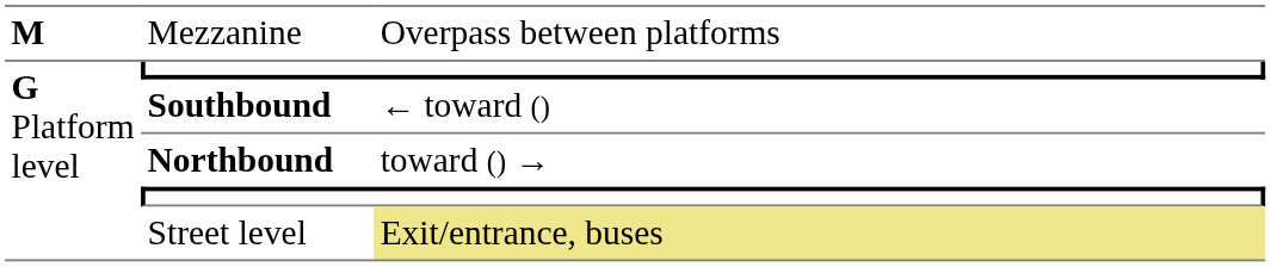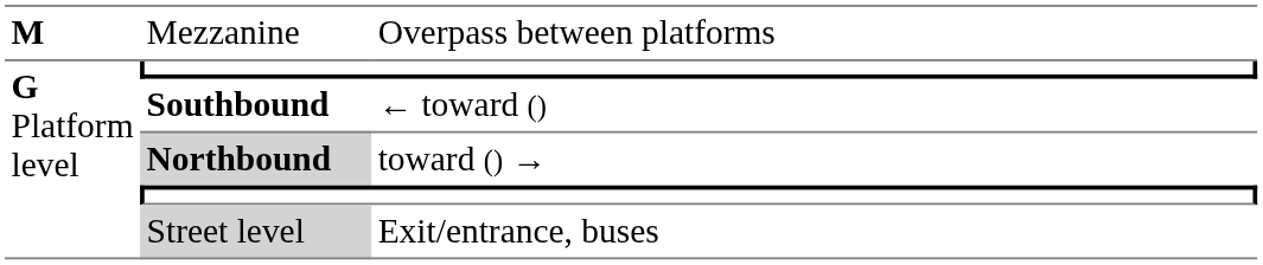 <table border=0 cellspacing=0 cellpadding=3>
 <tr>
 <td style="border-top:solid 1px gray;border-bottom:solid 1px gray;" width=50><strong>M</strong></td>
 <td style="border-top:solid 1px gray;border-bottom:solid 1px gray;" width=100>Mezzanine</td>
 <td style="border-top:solid 1px gray;border-bottom:solid 1px gray;" width=400>Overpass between platforms</td>
 </tr>
 <tr>
 <td style="border-bottom:solid 1px gray;" rowspan=5 valign=top><strong>G</strong><br>Platform level</td>
 <td style="border-right:solid 2px black;border-left:solid 2px black;border-bottom:solid 2px black;text-align:center;" colspan=2></td>
 </tr>
 <tr>
 <td><span><strong>Southbound</strong></span></td>
 <td>←  toward  <small>()</small><br></td>
 </tr>
 <tr>
-<td style="border-top:solid 1px gray;"><span><strong>Northbound</strong></span></td>
+<td style="background: lightgrey; border-top:solid 1px gray;"><span><strong>Northbound</strong></span></td>
 <td style="border-top:solid 1px gray;">  toward  <small>()</small> →</td>
 </tr>
 <tr>
 <td style="border-bottom:solid 1px gray;border-right:solid 2px black;border-left:solid 2px black;border-top:solid 2px black;text-align:center;" colspan=2></td>
 </tr>
 <tr>
-<td style="border-bottom:solid 1px gray;" width=100>Street level</td>
-<td style="background: khaki; border-bottom:solid 1px gray;" width=400>Exit/entrance, buses<br></td>
+<td style="background: lightgrey; border-bottom:solid 1px gray;" width=100>Street level</td>
+<td style="border-bottom:solid 1px gray;" width=400>Exit/entrance, buses<br></td>
 </tr>
 </table>
